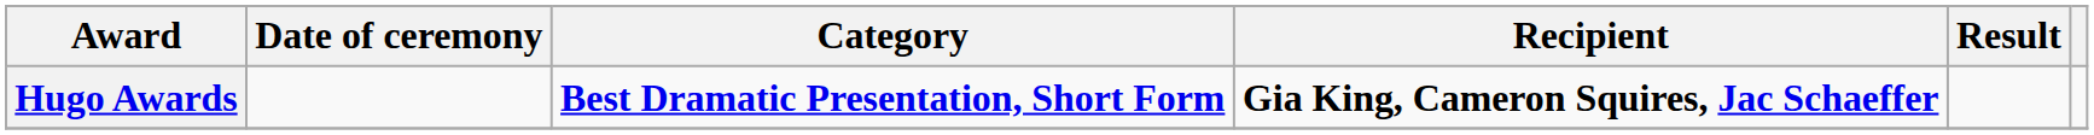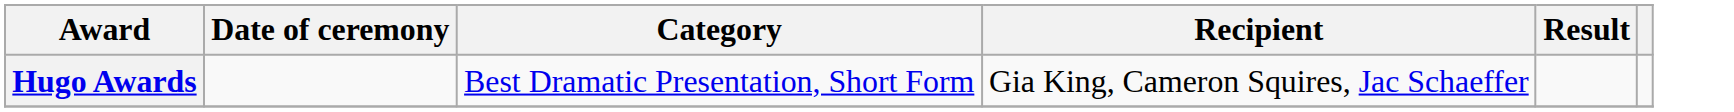 <table class="wikitable sortable plainrowheaders col6center">
 <tr>
 <th scope="col">Award</th>
 <th scope="col">Date of ceremony</th>
 <th scope="col">Category</th>
 <th scope="col">Recipient</th>
 <th scope="col">Result</th>
 <th scope="col" class="unsortable"></th>
 </tr>
 <tr>
 <th scope="row" rowspan="1"><a href='#'>Hugo Awards</a></th>
 <td rowspan="1"></td>
-<td><strong><a href='#'>Best Dramatic Presentation, Short Form</a></strong></td>
-<td><strong>Gia King, Cameron Squires, <a href='#'>Jac Schaeffer</a></strong></td>
+<td><a href='#'>Best Dramatic Presentation, Short Form</a></td>
+<td>Gia King, Cameron Squires, <a href='#'>Jac Schaeffer</a></td>
 <td></td>
 <td></td>
 </tr>
 <tr>
 </tr>
 </table>
